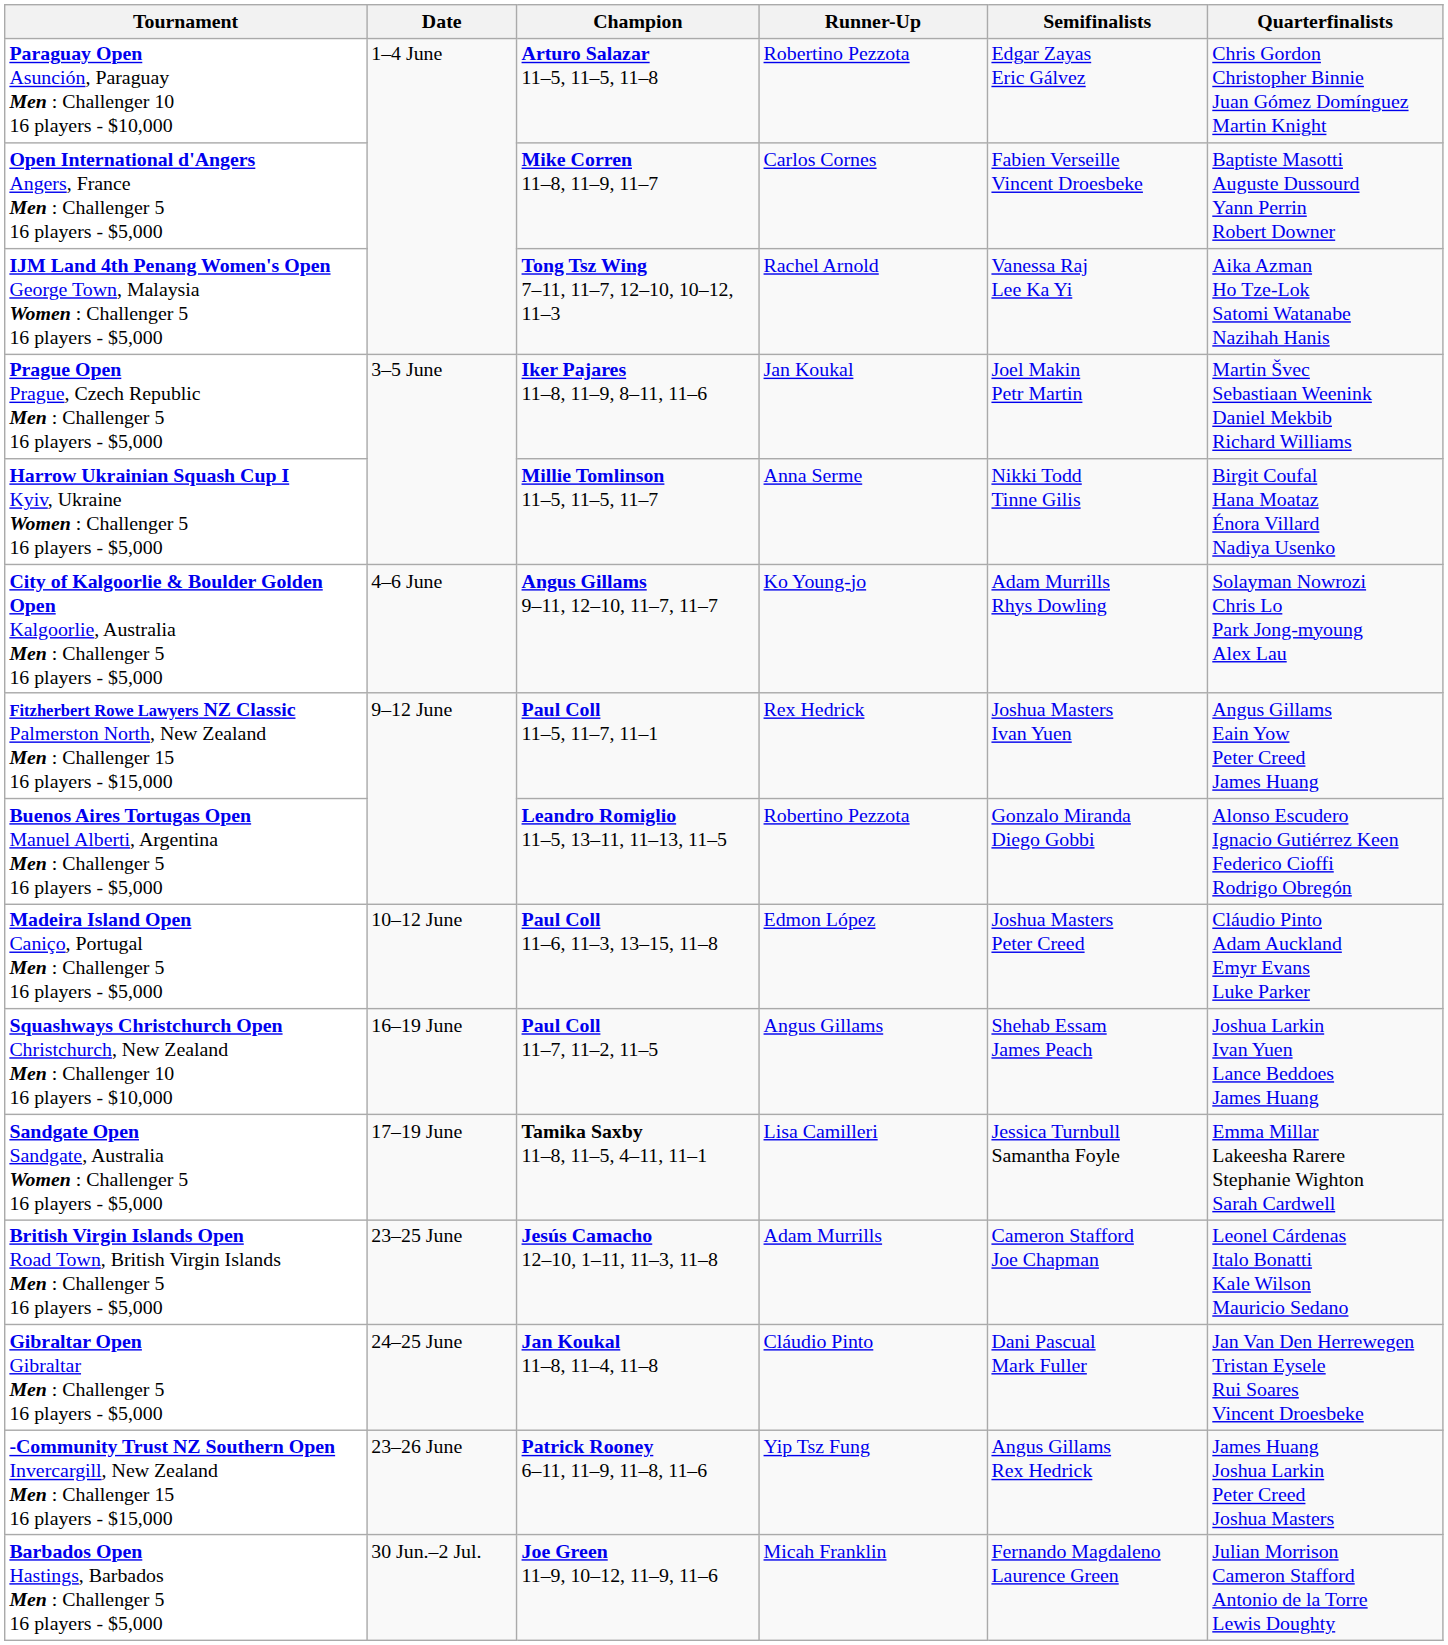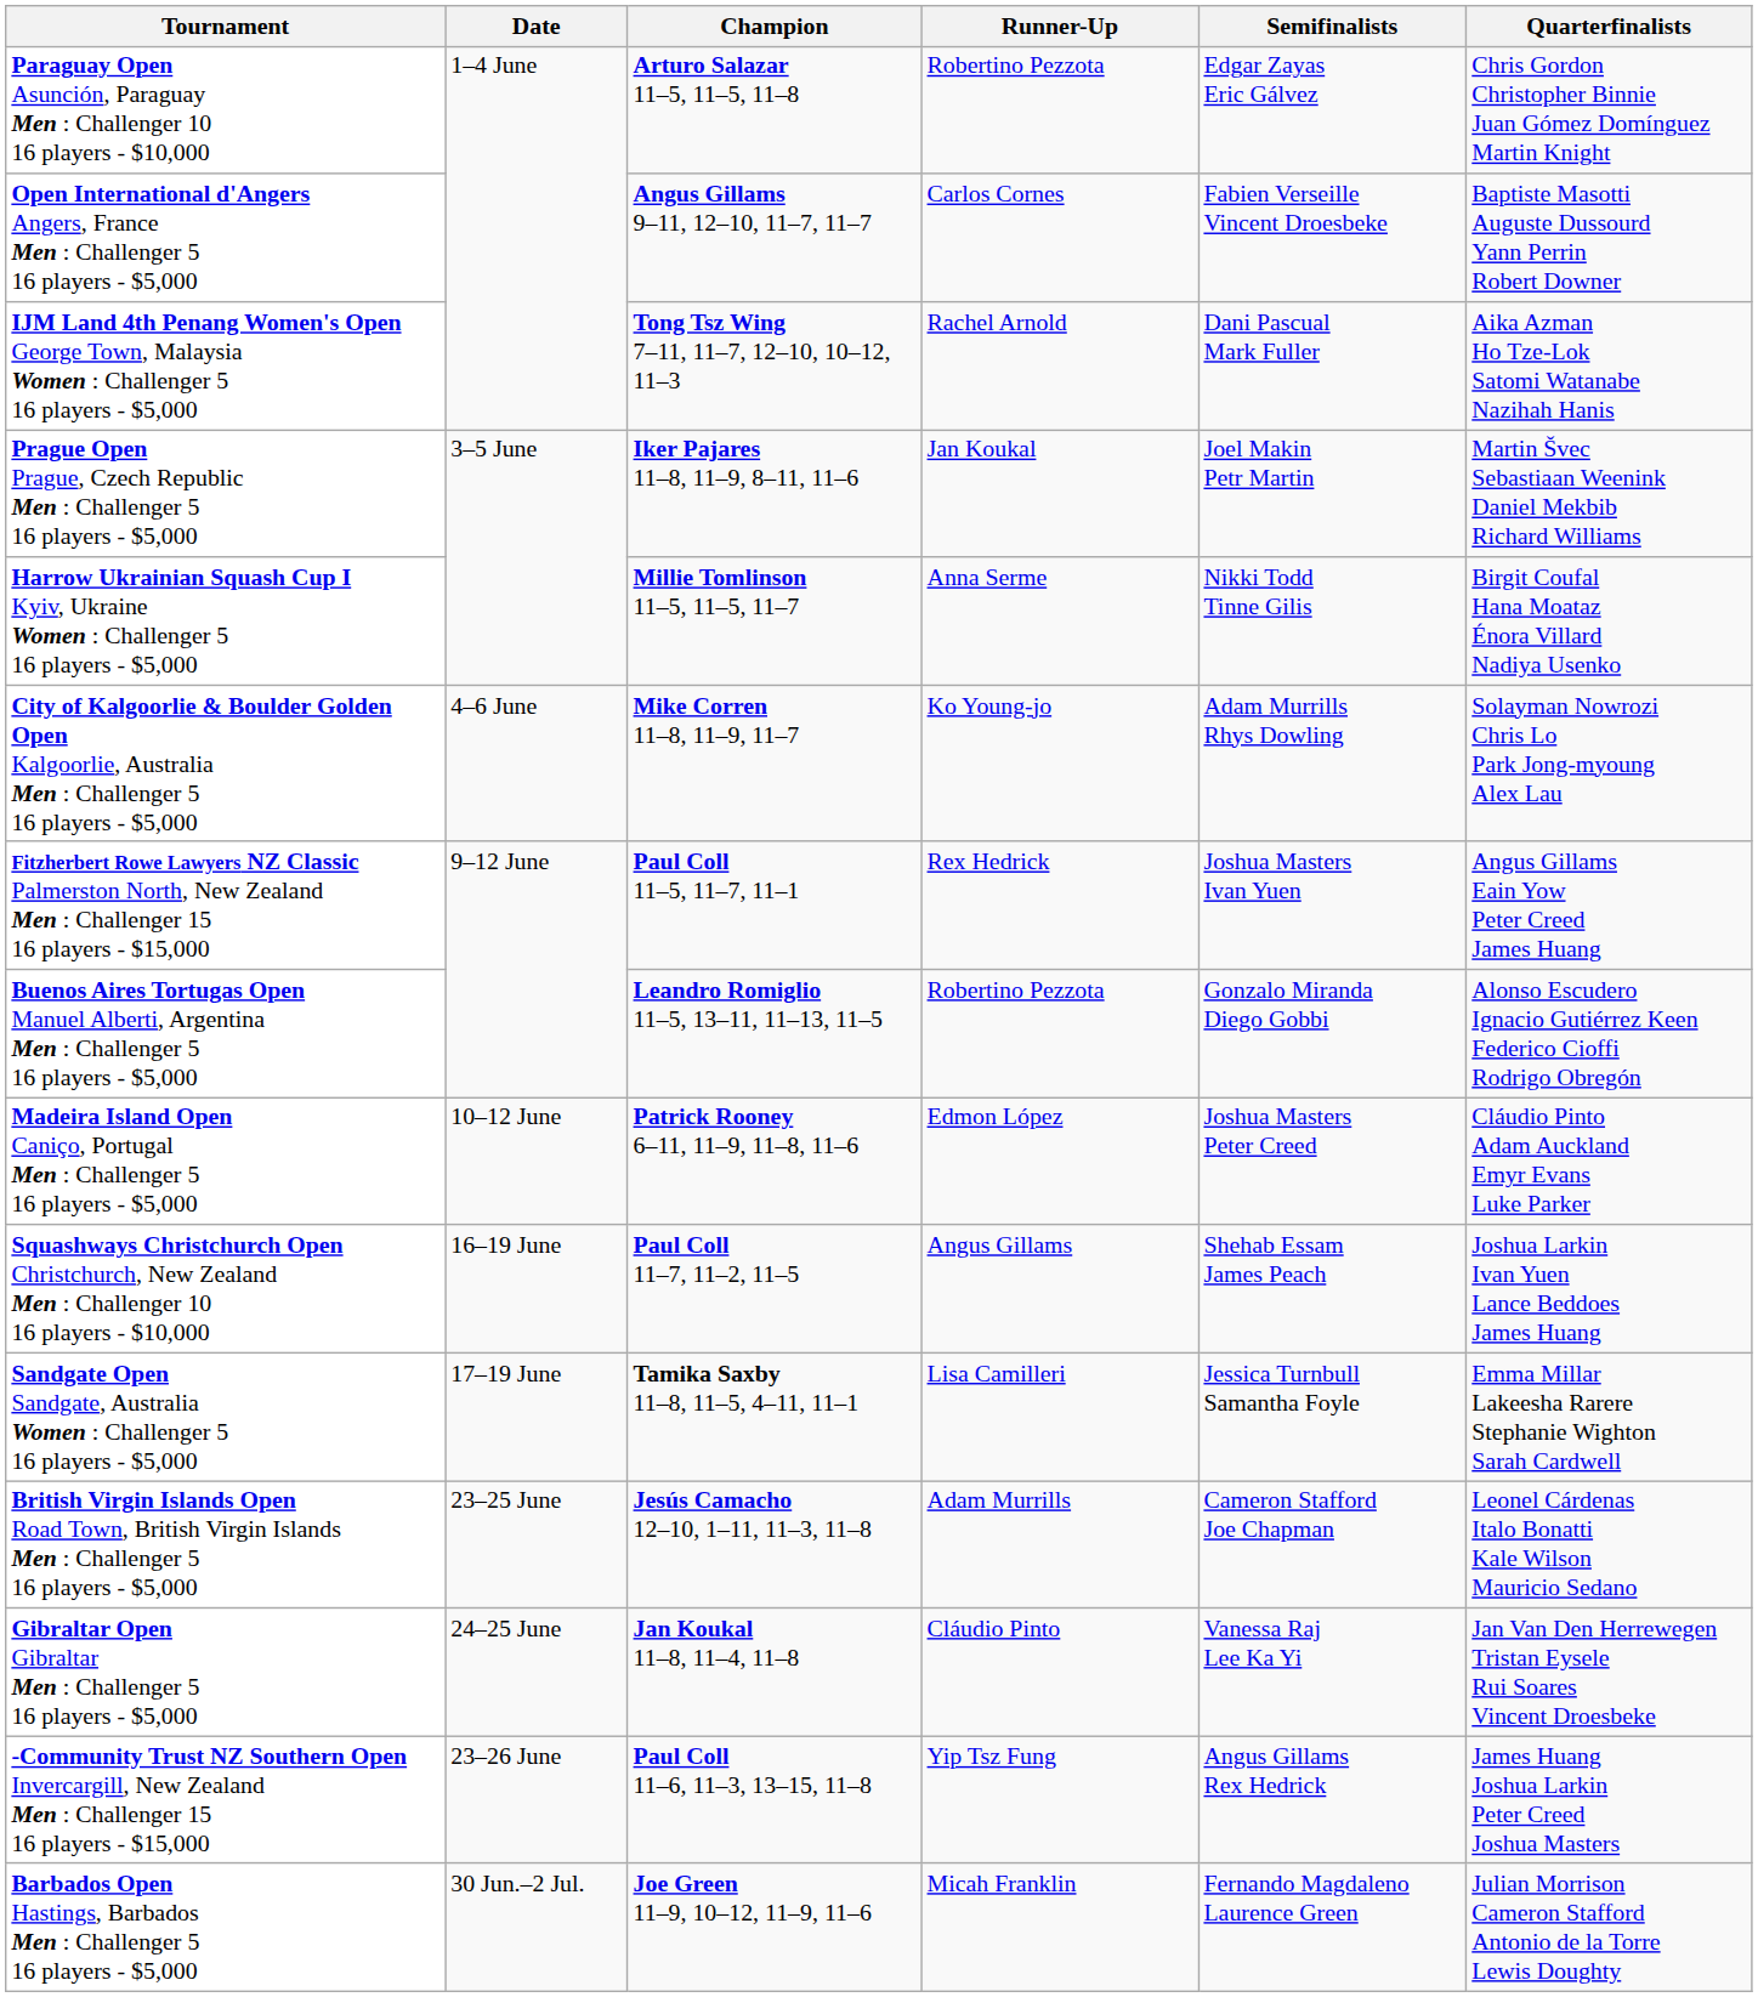 <table class="wikitable" style="font-size:88%">
 <tr>
 <th width=250>Tournament</th>
 <th width=100>Date</th>
 <th width=165>Champion</th>
 <th width=155>Runner-Up</th>
 <th width=150>Semifinalists</th>
 <th width=160>Quarterfinalists</th>
 </tr>
 <tr valign=top>
 <td style="background:#fff;"><strong><a href='#'>Paraguay Open</a></strong><br> <a href='#'>Asunción</a>, Paraguay<br><strong> <em>Men</em> </strong>: Challenger 10<br>16 players - $10,000</td>
 <td rowspan=3>1–4 June</td>
 <td> <strong><a href='#'>Arturo Salazar</a></strong><br>11–5, 11–5, 11–8</td>
 <td> <a href='#'>Robertino Pezzota</a></td>
 <td> <a href='#'>Edgar Zayas</a><br> <a href='#'>Eric Gálvez</a></td>
 <td> <a href='#'>Chris Gordon</a><br> <a href='#'>Christopher Binnie</a><br> <a href='#'>Juan Gómez Domínguez</a><br> <a href='#'>Martin Knight</a></td>
 </tr>
 <tr valign=top>
 <td style="background:#fff;"><strong><a href='#'>Open International d'Angers</a></strong><br> <a href='#'>Angers</a>, France<br><strong> <em>Men</em> </strong>: Challenger 5<br>16 players - $5,000</td>
-<td> <strong><a href='#'>Mike Corren</a></strong><br>11–8, 11–9, 11–7</td>
+<td> <strong><a href='#'>Angus Gillams</a></strong><br>9–11, 12–10, 11–7, 11–7</td>
 <td> <a href='#'>Carlos Cornes</a></td>
 <td> <a href='#'>Fabien Verseille</a><br> <a href='#'>Vincent Droesbeke</a></td>
 <td> <a href='#'>Baptiste Masotti</a><br> <a href='#'>Auguste Dussourd</a><br> <a href='#'>Yann Perrin</a><br> <a href='#'>Robert Downer</a></td>
 </tr>
 <tr valign=top>
 <td style="background:#fff;"><strong><a href='#'>IJM Land 4th Penang Women's Open</a></strong><br> <a href='#'>George Town</a>, Malaysia<br><strong> <em>Women</em> </strong>: Challenger 5<br>16 players - $5,000</td>
 <td> <strong><a href='#'>Tong Tsz Wing</a></strong><br>7–11, 11–7, 12–10, 10–12, 11–3</td>
 <td> <a href='#'>Rachel Arnold</a></td>
-<td> <a href='#'>Vanessa Raj</a><br> <a href='#'>Lee Ka Yi</a></td>
+<td> <a href='#'>Dani Pascual</a><br> <a href='#'>Mark Fuller</a></td>
 <td> <a href='#'>Aika Azman</a><br> <a href='#'>Ho Tze-Lok</a><br> <a href='#'>Satomi Watanabe</a><br> <a href='#'>Nazihah Hanis</a></td>
 </tr>
 <tr valign=top>
 <td style="background:#fff;"><strong><a href='#'>Prague Open</a></strong><br> <a href='#'>Prague</a>, Czech Republic<br><strong> <em>Men</em> </strong>: Challenger 5<br>16 players - $5,000</td>
 <td rowspan=2>3–5 June</td>
 <td> <strong><a href='#'>Iker Pajares</a></strong><br>11–8, 11–9, 8–11, 11–6</td>
 <td> <a href='#'>Jan Koukal</a></td>
 <td> <a href='#'>Joel Makin</a><br> <a href='#'>Petr Martin</a></td>
 <td> <a href='#'>Martin Švec</a><br> <a href='#'>Sebastiaan Weenink</a><br> <a href='#'>Daniel Mekbib</a><br> <a href='#'>Richard Williams</a></td>
 </tr>
 <tr valign=top>
 <td style="background:#fff;"><strong><a href='#'>Harrow Ukrainian Squash Cup I</a></strong><br> <a href='#'>Kyiv</a>, Ukraine<br><strong> <em>Women</em> </strong>: Challenger 5<br>16 players - $5,000</td>
 <td> <strong><a href='#'>Millie Tomlinson</a></strong><br>11–5, 11–5, 11–7</td>
 <td> <a href='#'>Anna Serme</a></td>
 <td> <a href='#'>Nikki Todd</a><br> <a href='#'>Tinne Gilis</a></td>
 <td> <a href='#'>Birgit Coufal</a><br> <a href='#'>Hana Moataz</a><br> <a href='#'>Énora Villard</a><br> <a href='#'>Nadiya Usenko</a></td>
 </tr>
 <tr valign=top>
 <td style="background:#fff;"><strong><a href='#'>City of Kalgoorlie & Boulder Golden Open</a></strong><br> <a href='#'>Kalgoorlie</a>, Australia<br><strong> <em>Men</em> </strong>: Challenger 5<br>16 players - $5,000</td>
 <td>4–6 June</td>
-<td> <strong><a href='#'>Angus Gillams</a></strong><br>9–11, 12–10, 11–7, 11–7</td>
+<td> <strong><a href='#'>Mike Corren</a></strong><br>11–8, 11–9, 11–7</td>
 <td> <a href='#'>Ko Young-jo</a></td>
 <td> <a href='#'>Adam Murrills</a><br> <a href='#'>Rhys Dowling</a></td>
 <td> <a href='#'>Solayman Nowrozi</a><br> <a href='#'>Chris Lo</a><br> <a href='#'>Park Jong-myoung</a><br> <a href='#'>Alex Lau</a></td>
 </tr>
 <tr valign=top>
 <td style="background:#fff;"><strong><a href='#'><small>Fitzherbert Rowe Lawyers</small> NZ Classic</a></strong><br> <a href='#'>Palmerston North</a>, New Zealand<br><strong> <em>Men</em> </strong>: Challenger 15<br>16 players - $15,000</td>
 <td rowspan=2>9–12 June</td>
 <td> <strong><a href='#'>Paul Coll</a></strong><br>11–5, 11–7, 11–1</td>
 <td> <a href='#'>Rex Hedrick</a></td>
 <td> <a href='#'>Joshua Masters</a><br> <a href='#'>Ivan Yuen</a></td>
 <td> <a href='#'>Angus Gillams</a><br> <a href='#'>Eain Yow</a><br> <a href='#'>Peter Creed</a><br> <a href='#'>James Huang</a></td>
 </tr>
 <tr valign=top>
 <td style="background:#fff;"><strong><a href='#'>Buenos Aires Tortugas Open</a></strong><br> <a href='#'>Manuel Alberti</a>, Argentina<br><strong> <em>Men</em> </strong>: Challenger 5<br>16 players - $5,000</td>
 <td> <strong><a href='#'>Leandro Romiglio</a></strong><br>11–5, 13–11, 11–13, 11–5</td>
 <td> <a href='#'>Robertino Pezzota</a></td>
 <td> <a href='#'>Gonzalo Miranda</a><br> <a href='#'>Diego Gobbi</a></td>
 <td> <a href='#'>Alonso Escudero</a><br> <a href='#'>Ignacio Gutiérrez Keen</a><br> <a href='#'>Federico Cioffi</a><br> <a href='#'>Rodrigo Obregón</a></td>
 </tr>
 <tr valign=top>
 <td style="background:#fff;"><strong><a href='#'>Madeira Island Open</a></strong><br> <a href='#'>Caniço</a>, Portugal<br><strong> <em>Men</em> </strong>: Challenger 5<br>16 players - $5,000</td>
 <td>10–12 June</td>
-<td> <strong><a href='#'>Paul Coll</a></strong><br>11–6, 11–3, 13–15, 11–8</td>
+<td> <strong><a href='#'>Patrick Rooney</a></strong><br>6–11, 11–9, 11–8, 11–6</td>
 <td> <a href='#'>Edmon López</a></td>
 <td> <a href='#'>Joshua Masters</a><br> <a href='#'>Peter Creed</a></td>
 <td> <a href='#'>Cláudio Pinto</a><br> <a href='#'>Adam Auckland</a><br> <a href='#'>Emyr Evans</a><br> <a href='#'>Luke Parker</a></td>
 </tr>
 <tr valign=top>
 <td style="background:#fff;"><strong><a href='#'>Squashways Christchurch Open</a></strong><br> <a href='#'>Christchurch</a>, New Zealand<br><strong> <em>Men</em> </strong>: Challenger 10<br>16 players - $10,000</td>
 <td>16–19 June</td>
 <td> <strong><a href='#'>Paul Coll</a></strong><br>11–7, 11–2, 11–5</td>
 <td> <a href='#'>Angus Gillams</a></td>
 <td> <a href='#'>Shehab Essam</a><br> <a href='#'>James Peach</a></td>
 <td> <a href='#'>Joshua Larkin</a><br> <a href='#'>Ivan Yuen</a><br> <a href='#'>Lance Beddoes</a><br> <a href='#'>James Huang</a></td>
 </tr>
 <tr valign=top>
 <td style="background:#fff;"><strong><a href='#'>Sandgate Open</a></strong><br> <a href='#'>Sandgate</a>, Australia<br><strong> <em>Women</em> </strong>: Challenger 5<br>16 players - $5,000</td>
 <td>17–19 June</td>
 <td> <strong>Tamika Saxby</strong><br>11–8, 11–5, 4–11, 11–1</td>
 <td> <a href='#'>Lisa Camilleri</a></td>
 <td> <a href='#'>Jessica Turnbull</a><br> Samantha Foyle</td>
 <td> <a href='#'>Emma Millar</a><br> Lakeesha Rarere<br> Stephanie Wighton<br> <a href='#'>Sarah Cardwell</a></td>
 </tr>
 <tr valign=top>
 <td style="background:#fff;"><strong><a href='#'>British Virgin Islands Open</a></strong><br> <a href='#'>Road Town</a>, British Virgin Islands<br><strong> <em>Men</em> </strong>: Challenger 5<br>16 players - $5,000</td>
 <td>23–25 June</td>
 <td> <strong><a href='#'>Jesús Camacho</a></strong><br>12–10, 1–11, 11–3, 11–8</td>
 <td> <a href='#'>Adam Murrills</a></td>
 <td> <a href='#'>Cameron Stafford</a><br> <a href='#'>Joe Chapman</a></td>
 <td> <a href='#'>Leonel Cárdenas</a><br> <a href='#'>Italo Bonatti</a><br> <a href='#'>Kale Wilson</a><br> <a href='#'>Mauricio Sedano</a></td>
 </tr>
 <tr valign=top>
 <td style="background:#fff;"><strong><a href='#'>Gibraltar Open</a></strong><br> <a href='#'>Gibraltar</a><br><strong> <em>Men</em> </strong>: Challenger 5<br>16 players - $5,000</td>
 <td>24–25 June</td>
 <td> <strong><a href='#'>Jan Koukal</a></strong><br>11–8, 11–4, 11–8</td>
 <td> <a href='#'>Cláudio Pinto</a></td>
-<td> <a href='#'>Dani Pascual</a><br> <a href='#'>Mark Fuller</a></td>
+<td> <a href='#'>Vanessa Raj</a><br> <a href='#'>Lee Ka Yi</a></td>
 <td> <a href='#'>Jan Van Den Herrewegen</a><br> <a href='#'>Tristan Eysele</a><br> <a href='#'>Rui Soares</a><br> <a href='#'>Vincent Droesbeke</a></td>
 </tr>
 <tr valign=top>
 <td style="background:#fff;"><strong><a href='#'>-Community Trust NZ Southern Open</a></strong><br> <a href='#'>Invercargill</a>, New Zealand<br><strong> <em>Men</em> </strong>: Challenger 15<br>16 players - $15,000</td>
 <td>23–26 June</td>
-<td> <strong><a href='#'>Patrick Rooney</a></strong><br>6–11, 11–9, 11–8, 11–6</td>
+<td> <strong><a href='#'>Paul Coll</a></strong><br>11–6, 11–3, 13–15, 11–8</td>
 <td> <a href='#'>Yip Tsz Fung</a></td>
 <td> <a href='#'>Angus Gillams</a><br> <a href='#'>Rex Hedrick</a></td>
 <td> <a href='#'>James Huang</a><br> <a href='#'>Joshua Larkin</a><br> <a href='#'>Peter Creed</a><br> <a href='#'>Joshua Masters</a></td>
 </tr>
 <tr valign=top>
 <td style="background:#fff;"><strong><a href='#'> Barbados Open</a></strong><br> <a href='#'>Hastings</a>, Barbados<br><strong> <em>Men</em> </strong>: Challenger 5<br>16 players - $5,000</td>
 <td>30 Jun.–2 Jul.</td>
 <td> <strong><a href='#'>Joe Green</a></strong><br>11–9, 10–12, 11–9, 11–6</td>
 <td> <a href='#'>Micah Franklin</a></td>
 <td> <a href='#'>Fernando Magdaleno</a><br> <a href='#'>Laurence Green</a></td>
 <td> <a href='#'>Julian Morrison</a><br> <a href='#'>Cameron Stafford</a><br> <a href='#'>Antonio de la Torre</a><br> <a href='#'>Lewis Doughty</a></td>
 </tr>
 </table>
